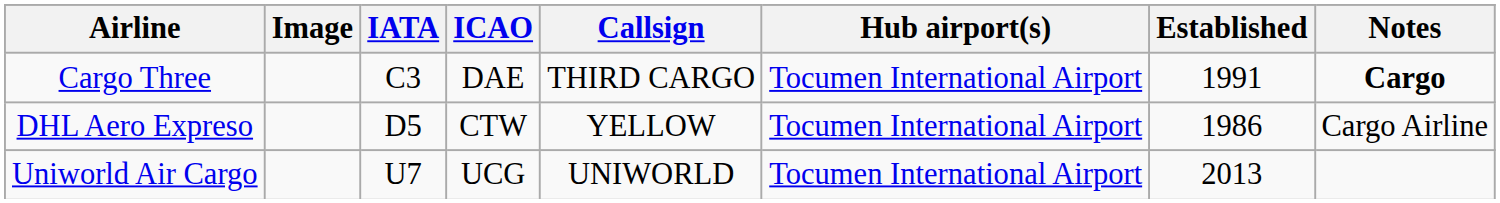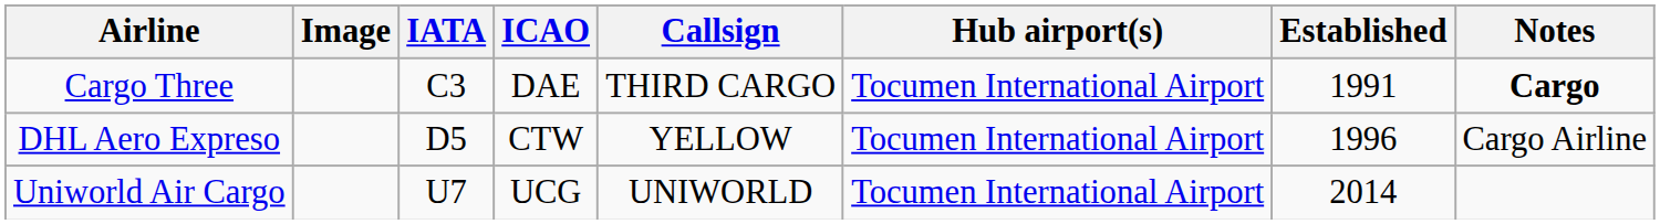 <table class="wikitable sortable" style="border:0; cellpadding:2; cellspacing:3; text-align:center; width:10m">
 <tr valign="middle">
 <th>Airline</th>
 <th>Image</th>
 <th><a href='#'>IATA</a></th>
 <th><a href='#'>ICAO</a></th>
 <th><a href='#'>Callsign</a></th>
 <th>Hub airport(s)</th>
 <th>Established</th>
 <th class="unsortable">Notes</th>
 </tr>
 <tr>
 <td><a href='#'>Cargo Three</a></td>
 <td></td>
 <td>C3</td>
 <td>DAE</td>
 <td>THIRD CARGO</td>
 <td><a href='#'>Tocumen International Airport</a></td>
 <td>1991</td>
 <td><strong>Cargo</strong></td>
 </tr>
 <tr>
 <td><a href='#'>DHL Aero Expreso</a></td>
 <td></td>
 <td>D5</td>
 <td>CTW</td>
 <td>YELLOW</td>
 <td><a href='#'>Tocumen International Airport</a></td>
-<td>1986</td>
+<td>1996</td>
 <td>Cargo Airline</td>
 </tr>
 <tr>
 <td><a href='#'>Uniworld Air Cargo</a></td>
 <td></td>
 <td>U7</td>
 <td>UCG</td>
 <td>UNIWORLD</td>
 <td><a href='#'>Tocumen International Airport</a></td>
-<td>2013</td>
+<td>2014</td>
 <td></td>
 </tr>
 <tr>
 </tr>
 </table>
